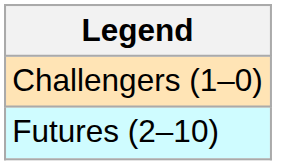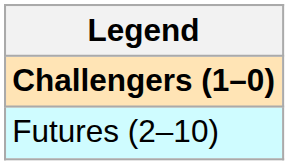 <table class=wikitable style=font-size:97%>
 <tr>
 <th>Legend</th>
 </tr>
 <tr bgcolor=moccasin>
-<td>Challengers (1–0)</td>
+<td><strong>Challengers (1–0)</strong></td>
 </tr>
 <tr bgcolor=CFFCFF>
 <td>Futures (2–10)</td>
 </tr>
 </table>
